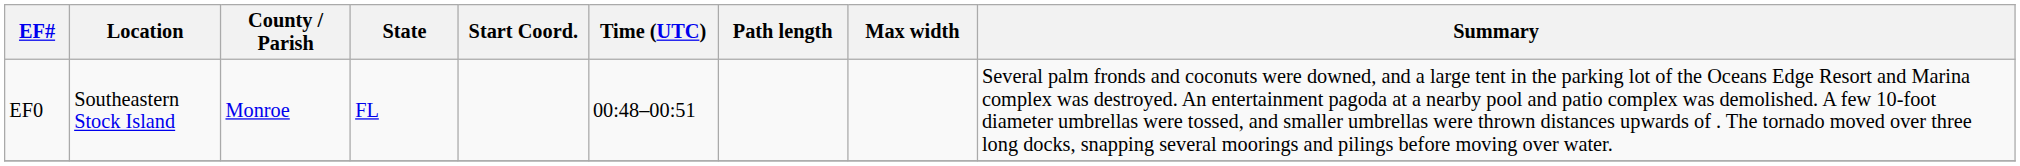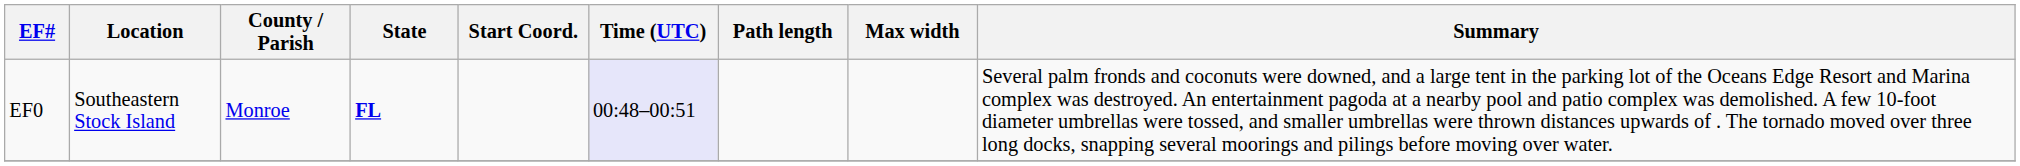 <table class="wikitable sortable" style="width:100%;">
 <tr>
 <th scope="col" style="width:3%; text-align:center;"><a href='#'>EF#</a></th>
 <th scope="col" style="width:7%; text-align:center;" class="unsortable">Location</th>
 <th scope="col" style="width:6%; text-align:center;" class="unsortable">County / Parish</th>
 <th scope="col" style="width:5%; text-align:center;">State</th>
 <th scope="col" style="width:6%; text-align:center;">Start Coord.</th>
 <th scope="col" style="width:6%; text-align:center;">Time (<a href='#'>UTC</a>)</th>
 <th scope="col" style="width:6%; text-align:center;">Path length</th>
 <th scope="col" style="width:6%; text-align:center;">Max width</th>
 <th scope="col" class="unsortable" style="width:48%; text-align:center;">Summary</th>
 </tr>
 <tr>
 <td>EF0</td>
 <td>Southeastern <a href='#'>Stock Island</a></td>
 <td><a href='#'>Monroe</a></td>
-<td><a href='#'>FL</a></td>
+<td><strong><a href='#'>FL</a></strong></td>
 <td></td>
-<td>00:48–00:51</td>
+<td style="background: lavender;">00:48–00:51</td>
 <td></td>
 <td></td>
 <td>Several palm fronds and coconuts were downed, and a large tent in the parking lot of the Oceans Edge Resort and Marina complex was destroyed. An entertainment pagoda at a nearby pool and patio complex was demolished. A few 10-foot diameter umbrellas were tossed, and smaller umbrellas were thrown distances upwards of . The tornado moved over three long docks, snapping several moorings and pilings before moving over water.</td>
 </tr>
 <tr>
 </tr>
 </table>
